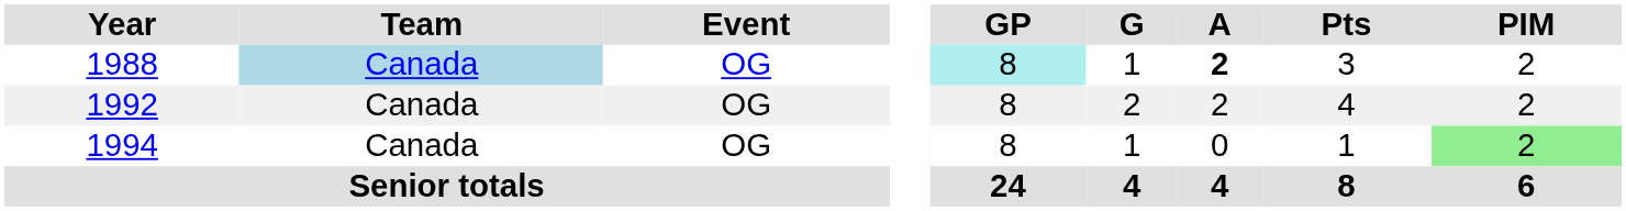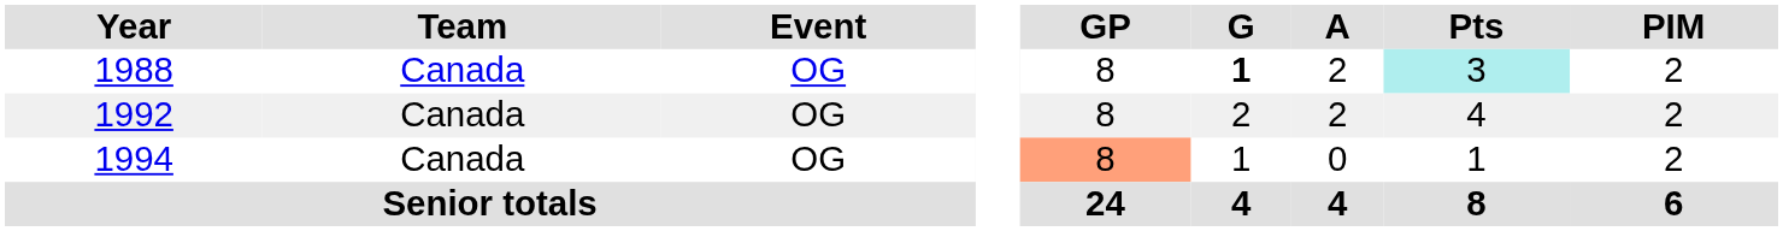 <table border="0" cellpadding="1" cellspacing="0" style="text-align:center; width:50em">
 <tr ALIGN="center" bgcolor="#e0e0e0">
 <th>Year</th>
 <th>Team</th>
 <th>Event</th>
 <th rowspan="99" bgcolor="#ffffff"> </th>
 <th>GP</th>
 <th>G</th>
 <th>A</th>
 <th>Pts</th>
 <th>PIM</th>
 </tr>
 <tr>
 <td><a href='#'>1988</a></td>
-<td style="background: lightblue;"><a href='#'>Canada</a></td>
+<td><a href='#'>Canada</a></td>
 <td><a href='#'>OG</a></td>
-<td style="background: paleturquoise;">8</td>
-<td>1</td>
-<td><strong>2</strong></td>
-<td>3</td>
+<td>8</td>
+<td><strong>1</strong></td>
+<td>2</td>
+<td style="background: paleturquoise;">3</td>
 <td>2</td>
 </tr>
 <tr bgcolor="#f0f0f0">
 <td><a href='#'>1992</a></td>
 <td>Canada</td>
 <td>OG</td>
 <td>8</td>
 <td>2</td>
 <td>2</td>
 <td>4</td>
 <td>2</td>
 </tr>
 <tr>
 <td><a href='#'>1994</a></td>
 <td>Canada</td>
 <td>OG</td>
-<td>8</td>
+<td style="background: lightsalmon;">8</td>
 <td>1</td>
 <td>0</td>
 <td>1</td>
-<td style="background: lightgreen;">2</td>
+<td>2</td>
 </tr>
 <tr bgcolor="#e0e0e0">
 <th colspan="3">Senior totals</th>
 <th>24</th>
 <th>4</th>
 <th>4</th>
 <th>8</th>
 <th>6</th>
 </tr>
 </table>
